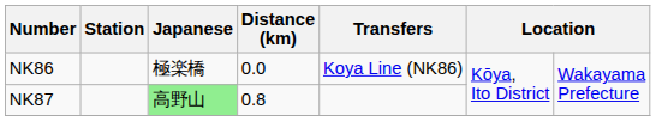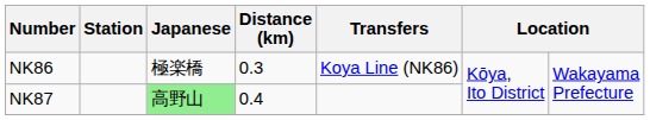 <table class="wikitable" rules="all">
 <tr style="text-align: center; " style="border-bottom:solid 2px #">
 <th>Number</th>
 <th>Station</th>
 <th>Japanese</th>
 <th>Distance<br>(km)</th>
 <th>Transfers</th>
 <th colspan="2">Location</th>
 </tr>
 <tr>
 <td>NK86</td>
 <td></td>
 <td>極楽橋</td>
-<td>0.0</td>
+<td>0.3</td>
 <td> <a href='#'>Koya Line</a> (NK86)</td>
 <td rowspan="2"><a href='#'>Kōya</a>,<br><a href='#'>Ito District</a></td>
 <td rowspan="2"><a href='#'>Wakayama<br>Prefecture</a></td>
 </tr>
 <tr>
 <td>NK87</td>
 <td></td>
 <td style="background: lightgreen;">高野山</td>
-<td>0.8</td>
+<td>0.4</td>
 <td></td>
 </tr>
 <tr>
 </tr>
 </table>
